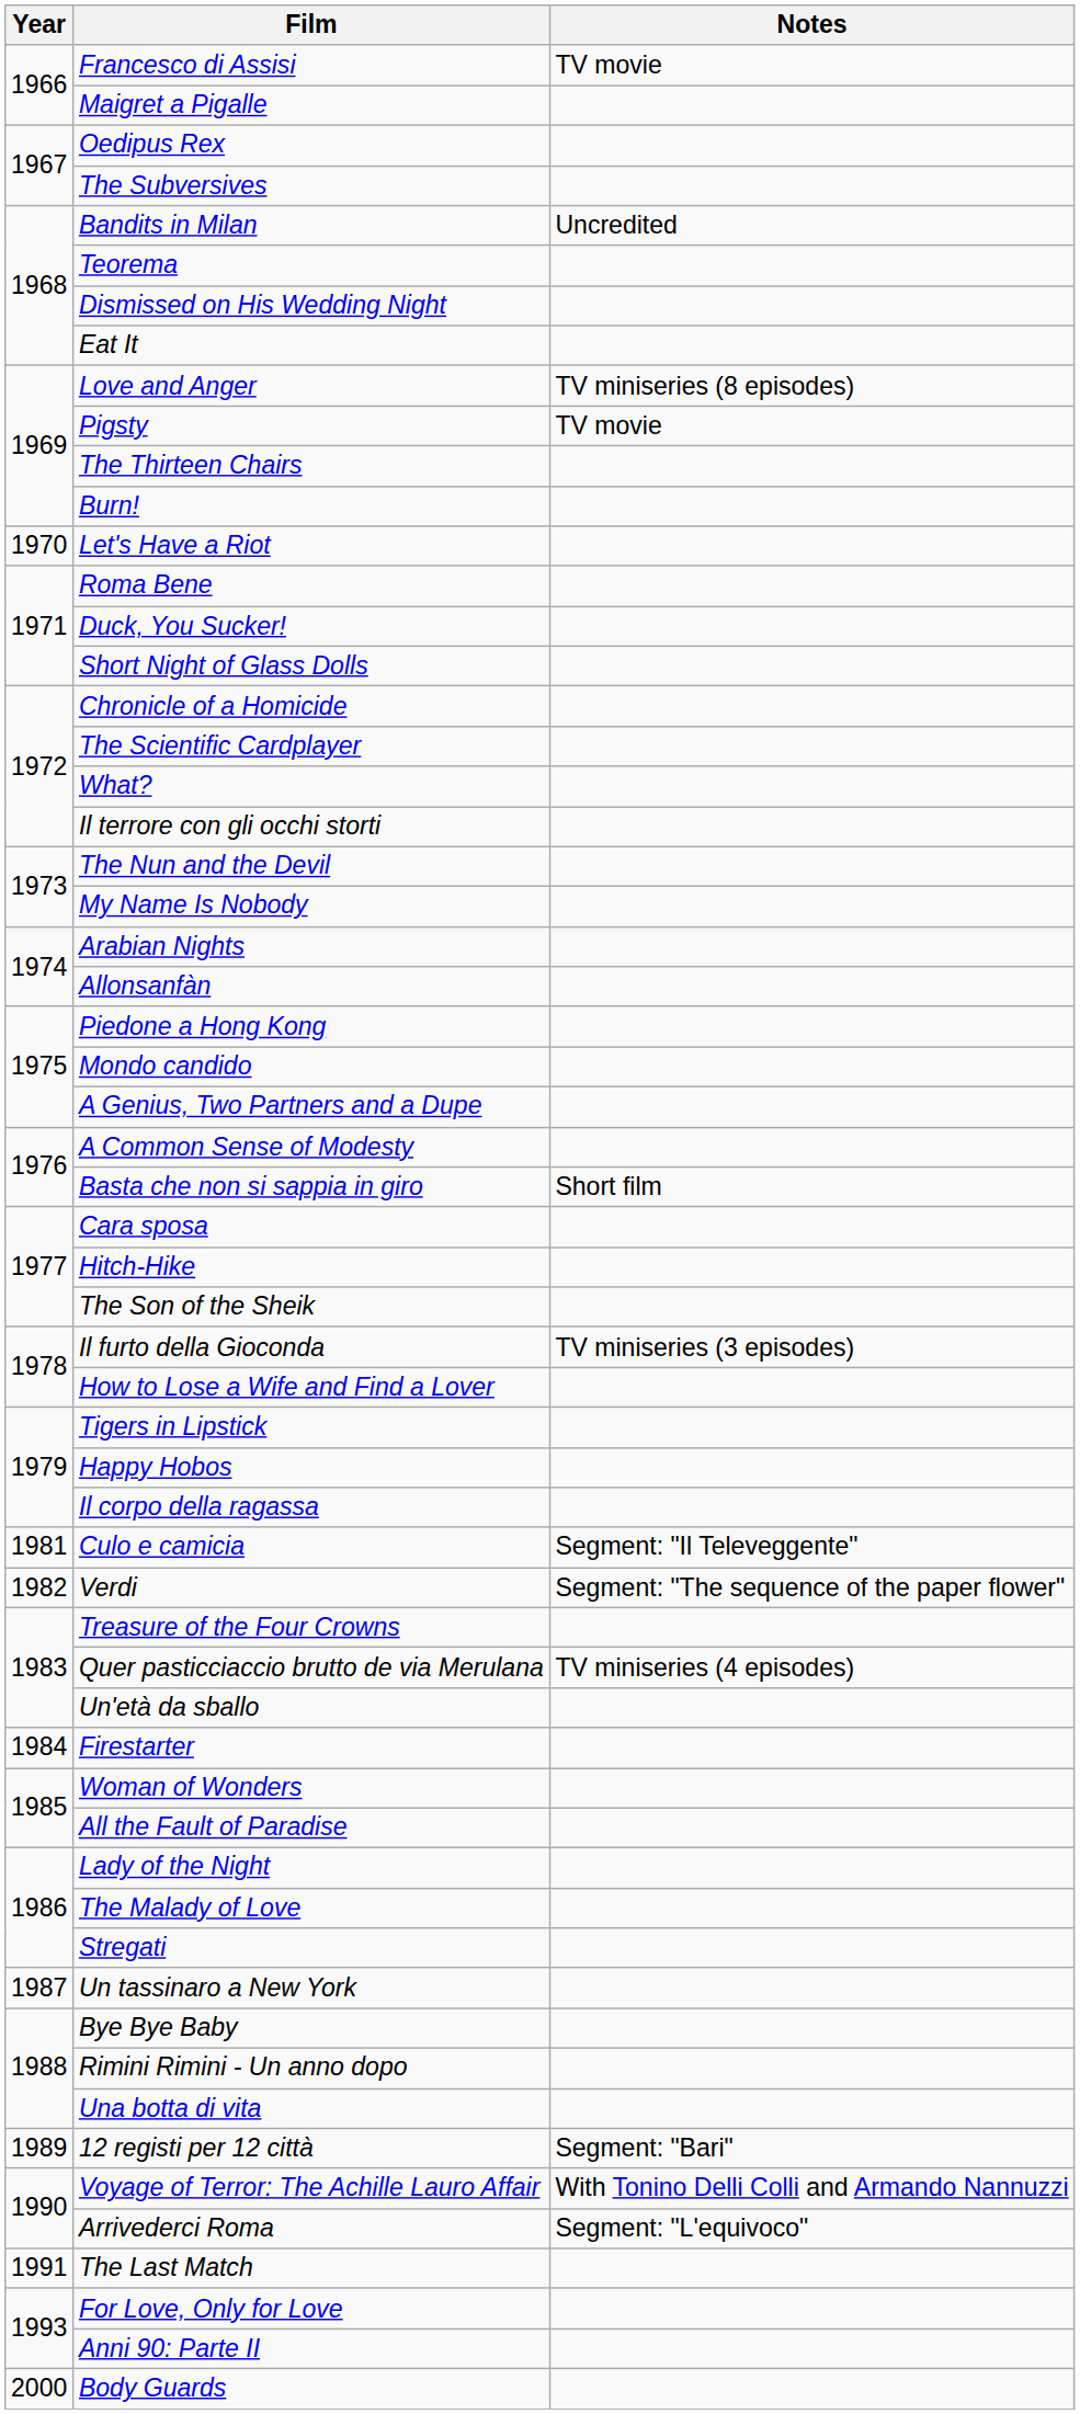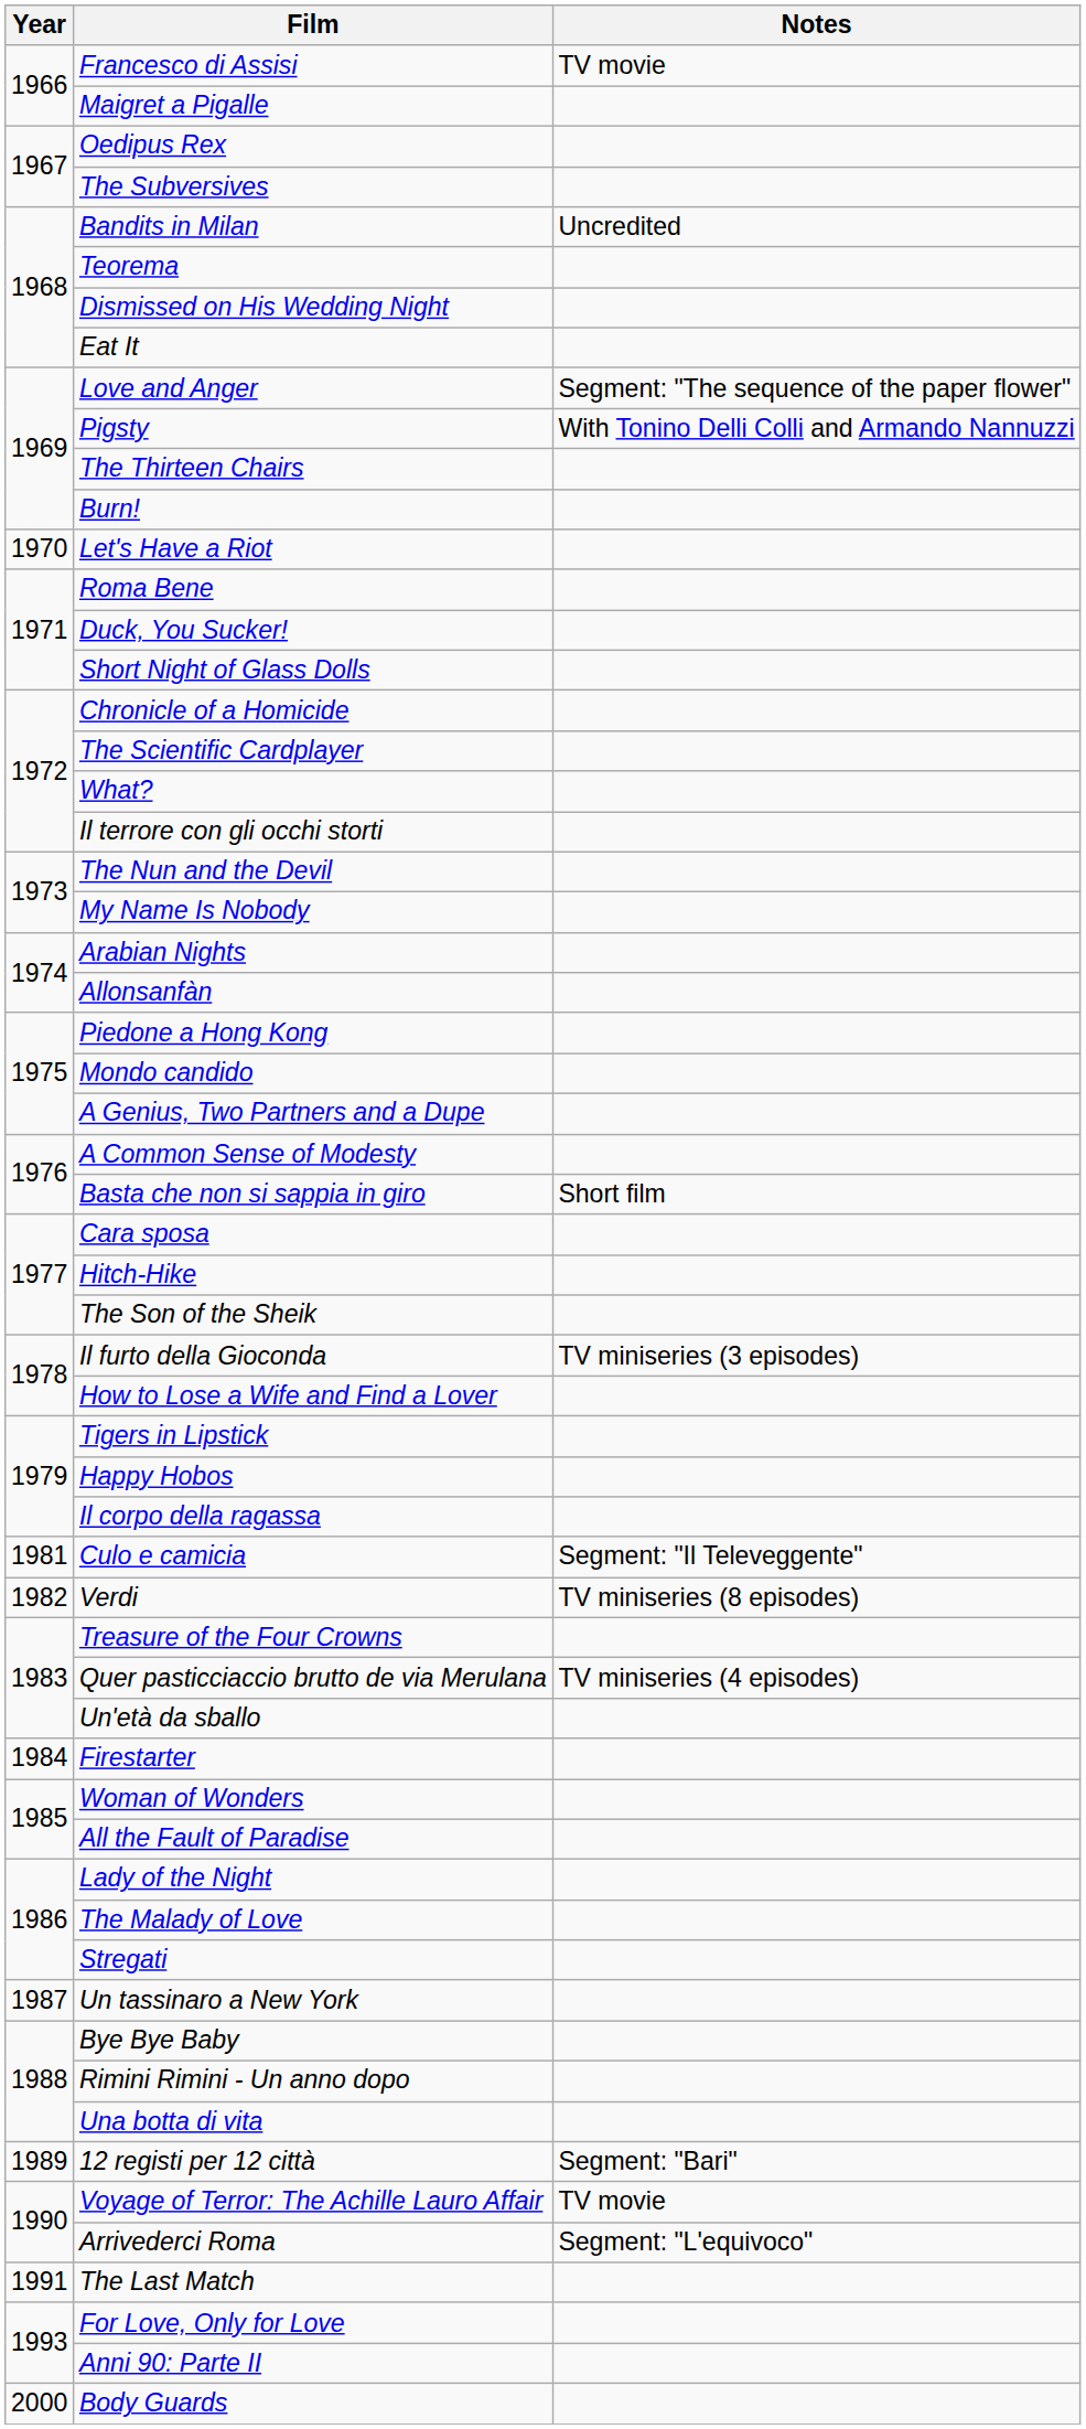 <table class="wikitable">
 <tr>
 <th>Year</th>
 <th>Film</th>
 <th>Notes</th>
 </tr>
 <tr>
 <td rowspan="2">1966</td>
 <td><em><a href='#'>Francesco di Assisi</a></em></td>
 <td>TV movie</td>
 </tr>
 <tr>
 <td><em><a href='#'>Maigret a Pigalle</a></em></td>
 <td></td>
 </tr>
 <tr>
 <td rowspan="2">1967</td>
 <td><em><a href='#'>Oedipus Rex</a></em></td>
 <td></td>
 </tr>
 <tr>
 <td><em><a href='#'>The Subversives</a></em></td>
 <td></td>
 </tr>
 <tr>
 <td rowspan="4">1968</td>
 <td><em><a href='#'>Bandits in Milan</a></em></td>
 <td>Uncredited</td>
 </tr>
 <tr>
 <td><em><a href='#'>Teorema</a></em></td>
 <td></td>
 </tr>
 <tr>
 <td><em><a href='#'>Dismissed on His Wedding Night</a></em></td>
 <td></td>
 </tr>
 <tr>
 <td><em>Eat It</em></td>
 <td></td>
 </tr>
 <tr>
 <td rowspan="4">1969</td>
 <td><em><a href='#'>Love and Anger</a></em></td>
-<td>TV miniseries (8 episodes)</td>
+<td>Segment: "The sequence of the paper flower"</td>
 </tr>
 <tr>
 <td><em><a href='#'>Pigsty</a></em></td>
-<td>TV movie</td>
+<td>With <a href='#'>Tonino Delli Colli</a> and <a href='#'>Armando Nannuzzi</a></td>
 </tr>
 <tr>
 <td><em><a href='#'>The Thirteen Chairs</a></em></td>
 <td></td>
 </tr>
 <tr>
 <td><em><a href='#'>Burn!</a></em></td>
 <td></td>
 </tr>
 <tr>
 <td>1970</td>
 <td><em><a href='#'>Let's Have a Riot</a></em></td>
 <td></td>
 </tr>
 <tr>
 <td rowspan="3">1971</td>
 <td><em><a href='#'>Roma Bene</a></em></td>
 <td></td>
 </tr>
 <tr>
 <td><em><a href='#'>Duck, You Sucker!</a></em></td>
 <td></td>
 </tr>
 <tr>
 <td><em><a href='#'>Short Night of Glass Dolls</a></em></td>
 <td></td>
 </tr>
 <tr>
 <td rowspan="4">1972</td>
 <td><em><a href='#'>Chronicle of a Homicide</a></em></td>
 <td></td>
 </tr>
 <tr>
 <td><em><a href='#'>The Scientific Cardplayer</a></em></td>
 <td></td>
 </tr>
 <tr>
 <td><em><a href='#'>What?</a></em></td>
 <td></td>
 </tr>
 <tr>
 <td><em>Il terrore con gli occhi storti</em></td>
 <td></td>
 </tr>
 <tr>
 <td rowspan="2">1973</td>
 <td><em><a href='#'>The Nun and the Devil</a></em></td>
 <td></td>
 </tr>
 <tr>
 <td><em><a href='#'>My Name Is Nobody</a></em></td>
 <td></td>
 </tr>
 <tr>
 <td rowspan="2">1974</td>
 <td><em><a href='#'>Arabian Nights</a></em></td>
 <td></td>
 </tr>
 <tr>
 <td><em><a href='#'>Allonsanfàn</a></em></td>
 <td></td>
 </tr>
 <tr>
 <td rowspan="3">1975</td>
 <td><em><a href='#'>Piedone a Hong Kong</a></em></td>
 <td></td>
 </tr>
 <tr>
 <td><em><a href='#'>Mondo candido</a></em></td>
 <td></td>
 </tr>
 <tr>
 <td><em><a href='#'>A Genius, Two Partners and a Dupe</a></em></td>
 <td></td>
 </tr>
 <tr>
 <td rowspan="2">1976</td>
 <td><em><a href='#'>A Common Sense of Modesty</a></em></td>
 <td></td>
 </tr>
 <tr>
 <td><em><a href='#'>Basta che non si sappia in giro</a></em></td>
 <td>Short film</td>
 </tr>
 <tr>
 <td rowspan="3">1977</td>
 <td><em><a href='#'>Cara sposa</a></em></td>
 <td></td>
 </tr>
 <tr>
 <td><em><a href='#'>Hitch-Hike</a></em></td>
 <td></td>
 </tr>
 <tr>
 <td><em>The Son of the Sheik</em></td>
 <td></td>
 </tr>
 <tr>
 <td rowspan="2">1978</td>
 <td><em>Il furto della Gioconda</em></td>
 <td>TV miniseries (3 episodes)</td>
 </tr>
 <tr>
 <td><em><a href='#'>How to Lose a Wife and Find a Lover</a></em></td>
 <td></td>
 </tr>
 <tr>
 <td rowspan="3">1979</td>
 <td><em><a href='#'>Tigers in Lipstick</a></em></td>
 <td></td>
 </tr>
 <tr>
 <td><em><a href='#'>Happy Hobos</a></em></td>
 <td></td>
 </tr>
 <tr>
 <td><em><a href='#'>Il corpo della ragassa</a></em></td>
 <td></td>
 </tr>
 <tr>
 <td>1981</td>
 <td><em><a href='#'>Culo e camicia</a></em></td>
 <td>Segment: "Il Televeggente"</td>
 </tr>
 <tr>
 <td>1982</td>
 <td><em>Verdi</em></td>
-<td>Segment: "The sequence of the paper flower"</td>
+<td>TV miniseries (8 episodes)</td>
 </tr>
 <tr>
 <td rowspan="3">1983</td>
 <td><em><a href='#'>Treasure of the Four Crowns</a></em></td>
 <td></td>
 </tr>
 <tr>
 <td><em>Quer pasticciaccio brutto de via Merulana</em></td>
 <td>TV miniseries (4 episodes)</td>
 </tr>
 <tr>
 <td><em>Un'età da sballo</em></td>
 <td></td>
 </tr>
 <tr>
 <td>1984</td>
 <td><em><a href='#'>Firestarter</a></em></td>
 <td></td>
 </tr>
 <tr>
 <td rowspan="2">1985</td>
 <td><em><a href='#'>Woman of Wonders</a></em></td>
 <td></td>
 </tr>
 <tr>
 <td><em><a href='#'>All the Fault of Paradise</a></em></td>
 <td></td>
 </tr>
 <tr>
 <td rowspan="3">1986</td>
 <td><em><a href='#'>Lady of the Night</a></em></td>
 <td></td>
 </tr>
 <tr>
 <td><em><a href='#'>The Malady of Love</a></em></td>
 <td></td>
 </tr>
 <tr>
 <td><em><a href='#'>Stregati</a></em></td>
 <td></td>
 </tr>
 <tr>
 <td>1987</td>
 <td><em>Un tassinaro a New York</em></td>
 <td></td>
 </tr>
 <tr>
 <td rowspan="3">1988</td>
 <td><em>Bye Bye Baby</em></td>
 <td></td>
 </tr>
 <tr>
 <td><em>Rimini Rimini - Un anno dopo</em></td>
 <td></td>
 </tr>
 <tr>
 <td><em><a href='#'>Una botta di vita</a></em></td>
 <td></td>
 </tr>
 <tr>
 <td>1989</td>
 <td><em>12 registi per 12 città</em></td>
 <td>Segment: "Bari"</td>
 </tr>
 <tr>
 <td rowspan="2">1990</td>
 <td><em><a href='#'>Voyage of Terror: The Achille Lauro Affair</a></em></td>
-<td>With <a href='#'>Tonino Delli Colli</a> and <a href='#'>Armando Nannuzzi</a></td>
+<td>TV movie</td>
 </tr>
 <tr>
 <td><em>Arrivederci Roma</em></td>
 <td>Segment: "L'equivoco"</td>
 </tr>
 <tr>
 <td>1991</td>
 <td><em>The Last Match</em></td>
 <td></td>
 </tr>
 <tr>
 <td rowspan="2">1993</td>
 <td><em><a href='#'>For Love, Only for Love</a></em></td>
 <td></td>
 </tr>
 <tr>
 <td><em><a href='#'>Anni 90: Parte II</a></em></td>
 <td></td>
 </tr>
 <tr>
 <td>2000</td>
 <td><em><a href='#'>Body Guards</a></em></td>
 <td></td>
 </tr>
 </table>
